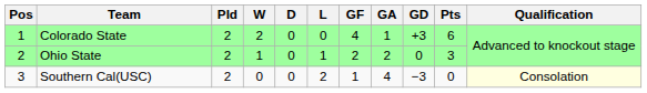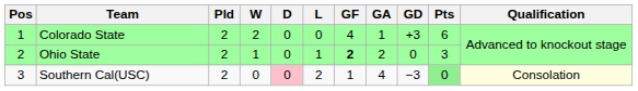 <table class="wikitable" style="text-align:center; margin: 1em auto">
 <tr>
 <th style="width:2em">Pos</th>
 <th style="width:13em">Team</th>
 <th style="width:2em">Pld</th>
 <th style="width:2em">W</th>
 <th style="width:2em">D</th>
 <th style="width:2em">L</th>
 <th style="width:2em">GF</th>
 <th style="width:2em">GA</th>
 <th style="width:2em">GD</th>
 <th style="width:2em">Pts</th>
 <th style="width:13em">Qualification</th>
 </tr>
 <tr bgcolor="#9eff9e">
 <td>1</td>
 <td style="text-align:left">Colorado State</td>
 <td>2</td>
 <td>2</td>
 <td>0</td>
 <td>0</td>
 <td>4</td>
 <td>1</td>
 <td>+3</td>
 <td>6</td>
 <td rowspan="2">Advanced to knockout stage</td>
 </tr>
 <tr bgcolor="#9eff9e">
 <td>2</td>
 <td style="text-align:left">Ohio State</td>
 <td>2</td>
 <td>1</td>
 <td>0</td>
 <td>1</td>
-<td>2</td>
+<td><strong>2</strong></td>
 <td>2</td>
 <td>0</td>
 <td>3</td>
 </tr>
 <tr>
 <td>3</td>
 <td style="text-align:left">Southern Cal(USC)</td>
 <td>2</td>
 <td>0</td>
-<td>0</td>
+<td style="background: pink;">0</td>
 <td>2</td>
 <td>1</td>
 <td>4</td>
 <td>−3</td>
-<td>0</td>
+<td style="background: lightgreen;">0</td>
 <td style="background: lightyellow;">Consolation</td>
 </tr>
 </table>
